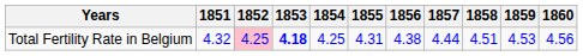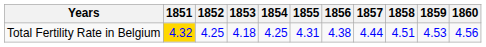 <table class="wikitable " style="text-align:right">
 <tr>
 <th>Years</th>
 <th>1851</th>
 <th>1852</th>
 <th>1853</th>
 <th>1854</th>
 <th>1855</th>
 <th>1856</th>
 <th>1857</th>
 <th>1858</th>
 <th>1859</th>
 <th>1860</th>
 </tr>
 <tr>
 <td align="left">Total Fertility Rate in Belgium</td>
-<td style="text-align:right; color:blue;">4.32</td>
-<td style="background: pink; text-align:right; color:blue;">4.25</td>
-<td style="text-align:right; color:blue;"><strong>4.18</strong></td>
+<td style="background: gold; text-align:right; color:blue;">4.32</td>
+<td style="text-align:right; color:blue;">4.25</td>
+<td style="text-align:right; color:blue;">4.18</td>
 <td style="text-align:right; color:blue;">4.25</td>
 <td style="text-align:right; color:blue;">4.31</td>
 <td style="text-align:right; color:blue;">4.38</td>
 <td style="text-align:right; color:blue;">4.44</td>
 <td style="text-align:right; color:blue;">4.51</td>
 <td style="text-align:right; color:blue;">4.53</td>
 <td style="text-align:right; color:blue;">4.56</td>
 </tr>
 </table>
